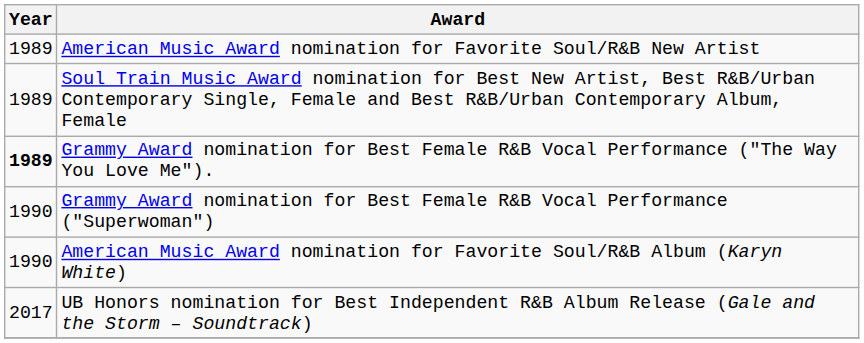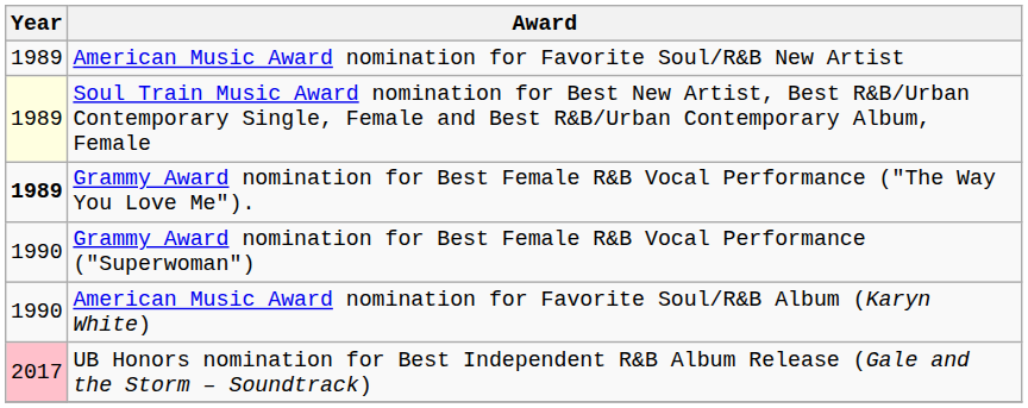 <table class="wikitable">
 <tr>
 <th>Year</th>
 <th>Award</th>
 </tr>
 <tr>
 <td>1989</td>
 <td><a href='#'>American Music Award</a> nomination for Favorite Soul/R&B New Artist</td>
 </tr>
 <tr>
-<td>1989</td>
+<td style="background: lightyellow;">1989</td>
 <td><a href='#'>Soul Train Music Award</a> nomination for Best New Artist, Best R&B/Urban Contemporary Single, Female and Best R&B/Urban Contemporary Album, Female</td>
 </tr>
 <tr>
 <td><strong>1989</strong></td>
 <td><a href='#'>Grammy Award</a> nomination for Best Female R&B Vocal Performance ("The Way You Love Me").</td>
 </tr>
 <tr>
 <td>1990</td>
 <td><a href='#'>Grammy Award</a> nomination for Best Female R&B Vocal Performance ("Superwoman")</td>
 </tr>
 <tr>
 <td>1990</td>
 <td><a href='#'>American Music Award</a> nomination for Favorite Soul/R&B Album (<em>Karyn White</em>)</td>
 </tr>
 <tr>
-<td>2017</td>
+<td style="background: pink;">2017</td>
 <td>UB Honors nomination for Best Independent R&B Album Release (<em>Gale and the Storm – Soundtrack</em>)</td>
 </tr>
 <tr>
 </tr>
 </table>
